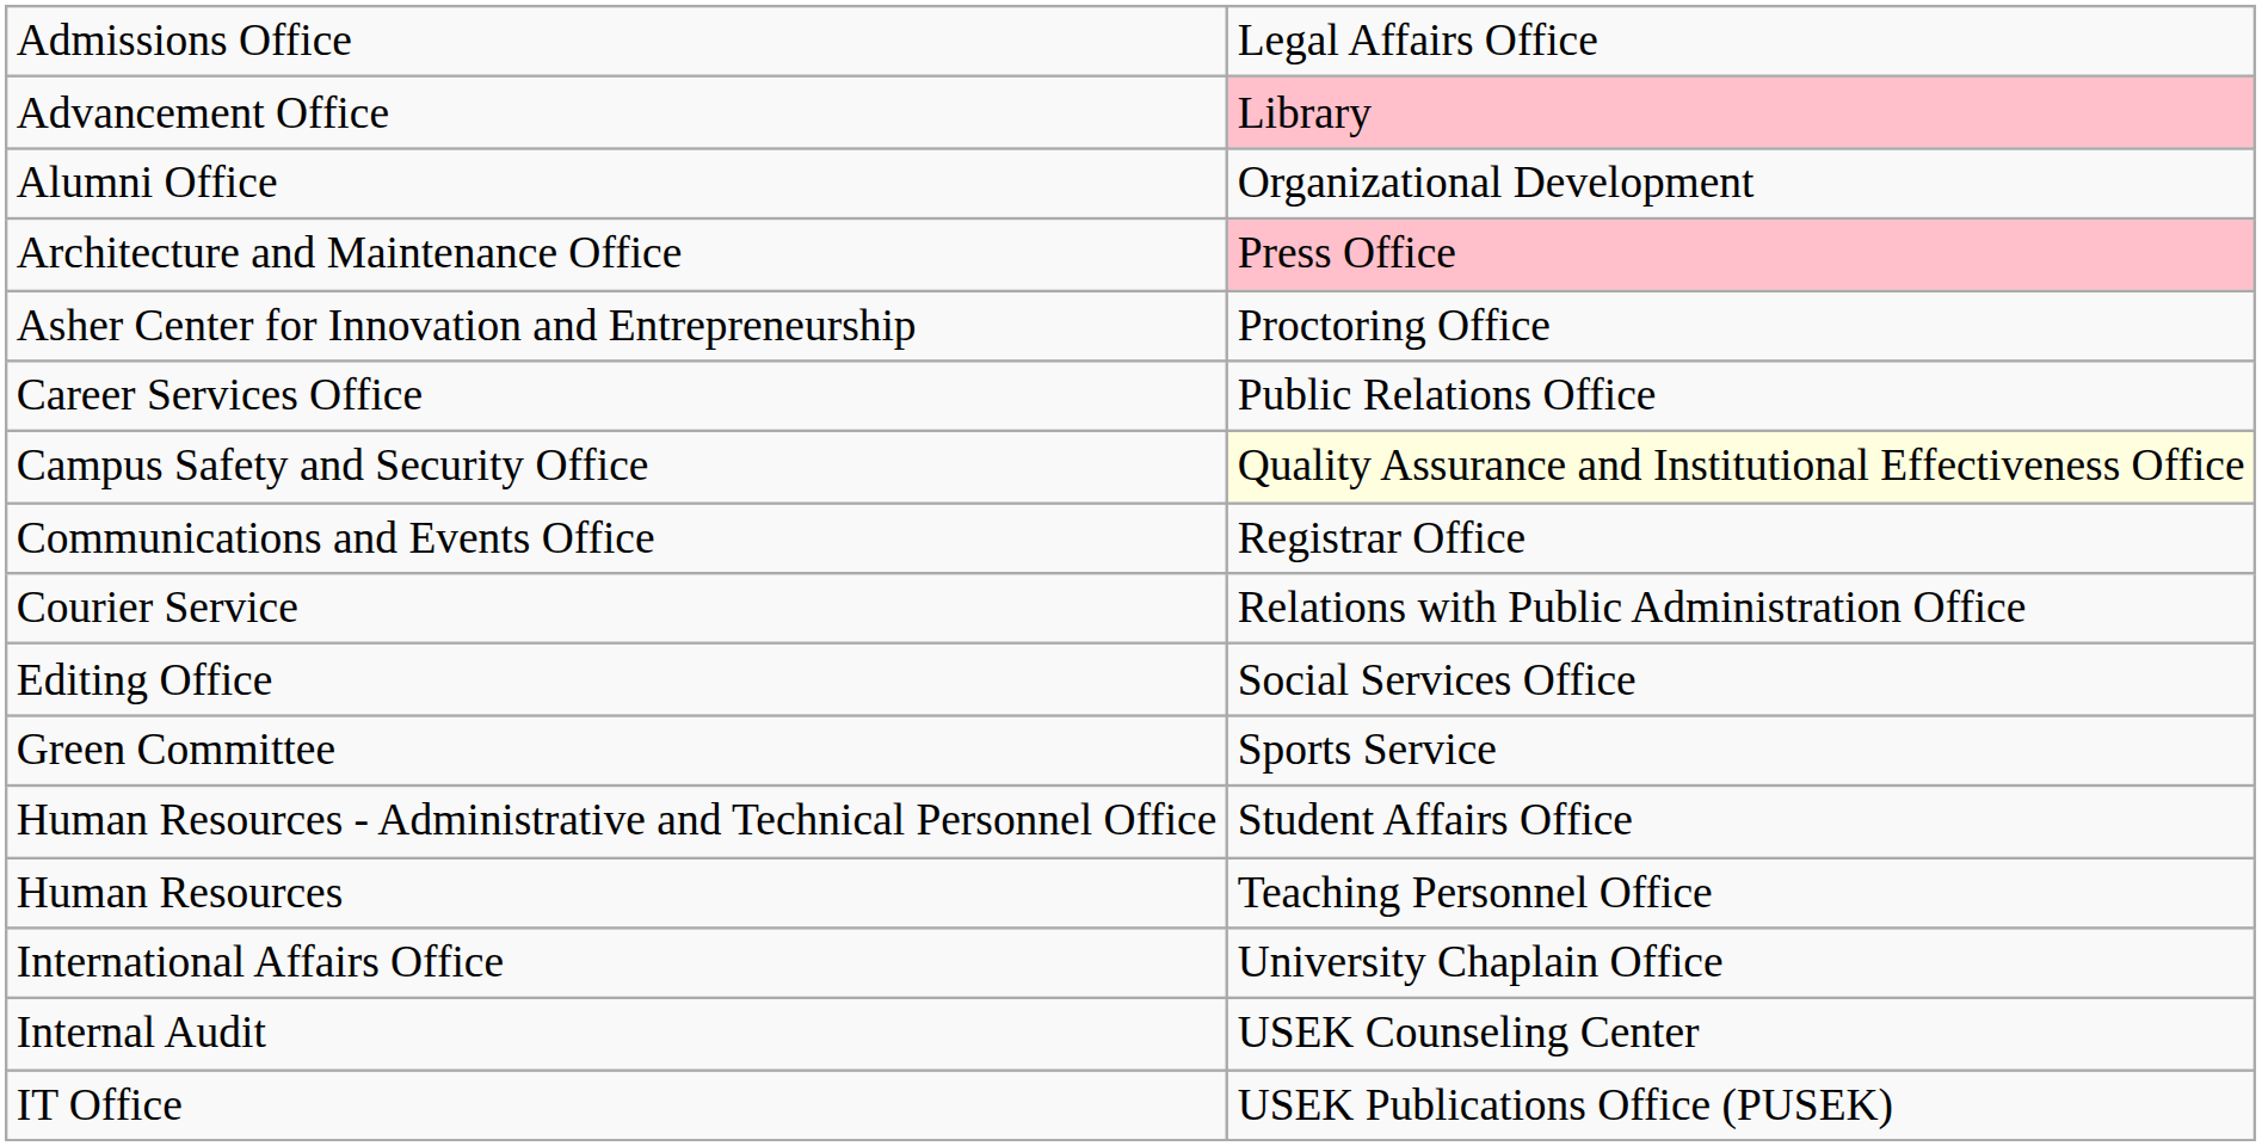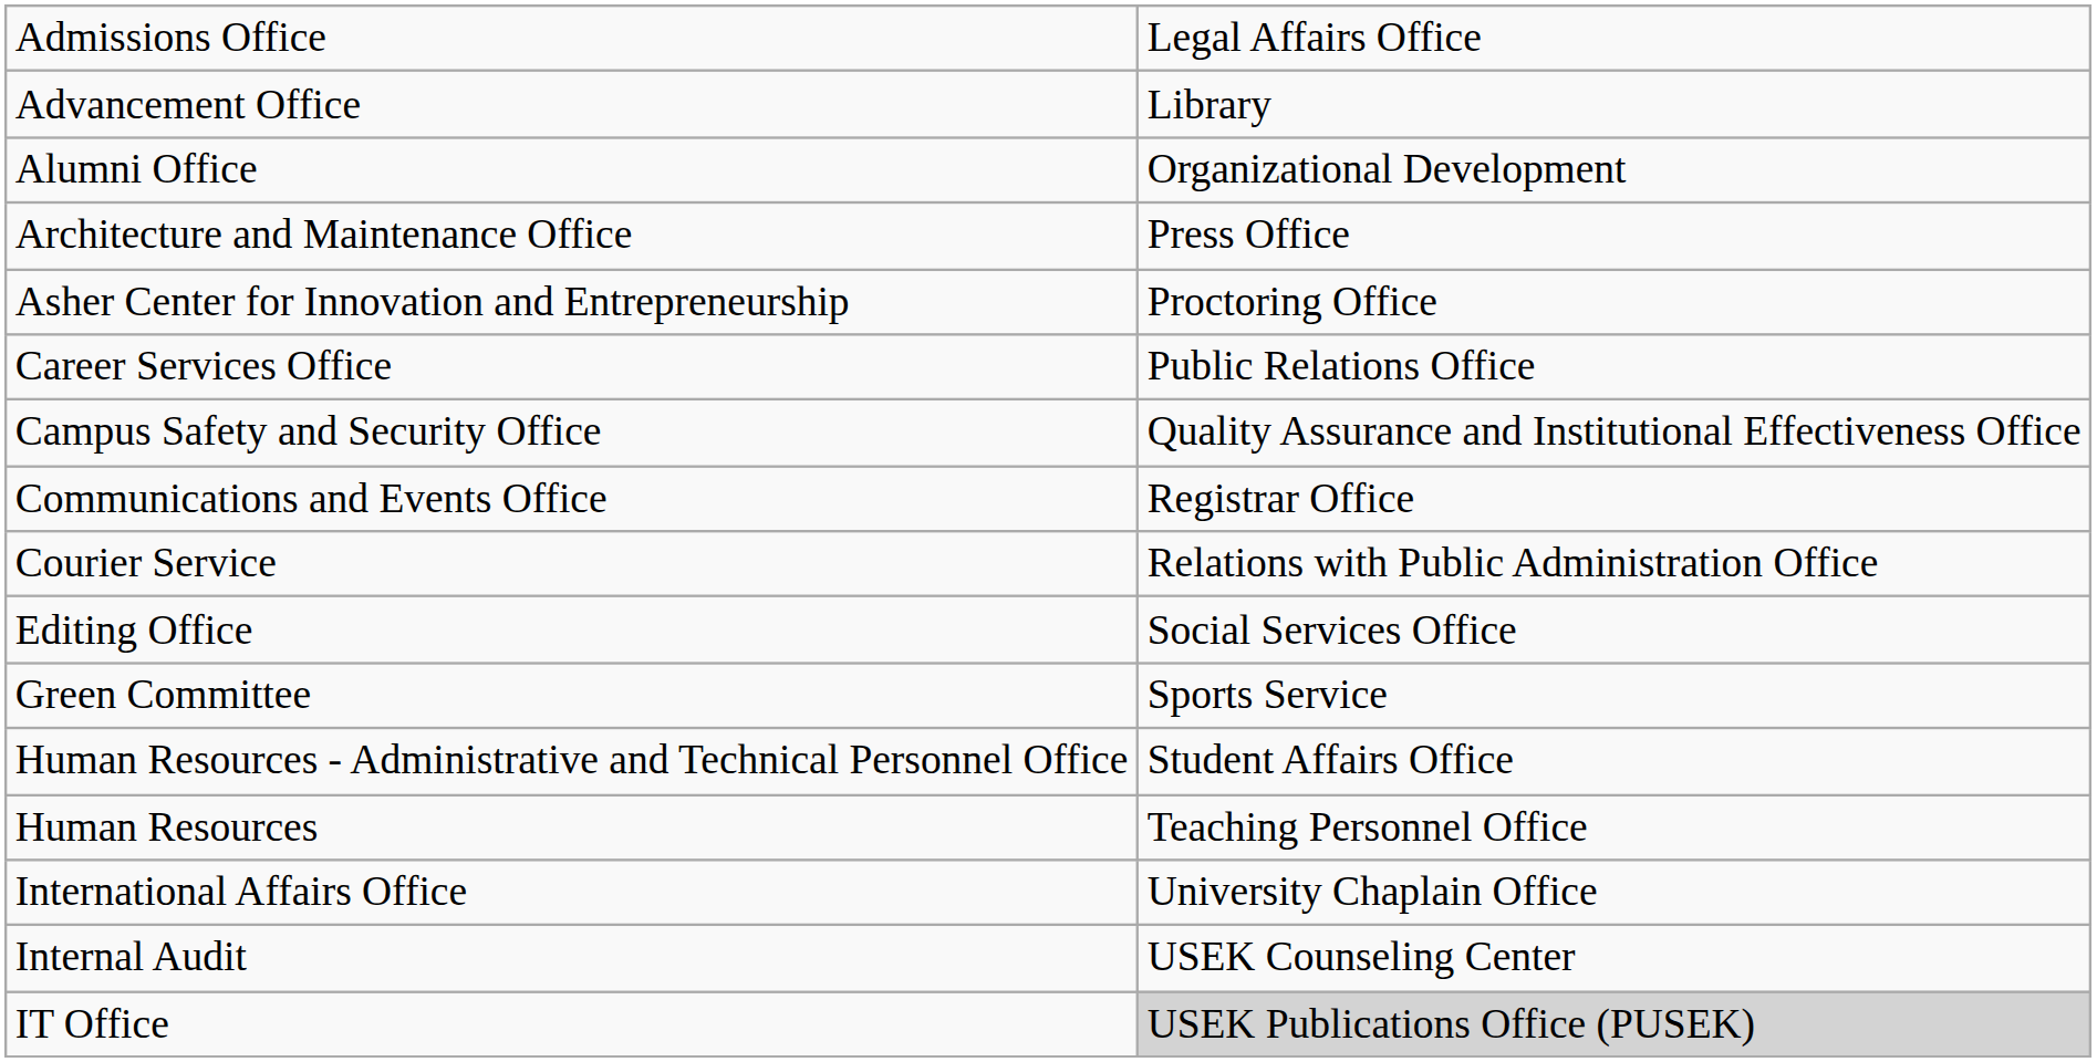 <table class="wikitable">
 <tr>
 <td>Admissions Office</td>
 <td>Legal Affairs Office</td>
 </tr>
 <tr>
 <td>Advancement Office</td>
-<td style="background: pink;">Library</td>
+<td>Library</td>
 </tr>
 <tr>
 <td>Alumni Office</td>
 <td>Organizational Development</td>
 </tr>
 <tr>
 <td>Architecture and Maintenance Office</td>
-<td style="background: pink;">Press Office</td>
+<td>Press Office</td>
 </tr>
 <tr>
 <td>Asher Center for Innovation and Entrepreneurship</td>
 <td>Proctoring Office</td>
 </tr>
 <tr>
 <td>Career Services Office</td>
 <td>Public Relations Office</td>
 </tr>
 <tr>
 <td>Campus Safety and Security Office</td>
-<td style="background: lightyellow;">Quality Assurance and Institutional Effectiveness Office</td>
+<td>Quality Assurance and Institutional Effectiveness Office</td>
 </tr>
 <tr>
 <td>Communications and Events Office</td>
 <td>Registrar Office</td>
 </tr>
 <tr>
 <td>Courier Service</td>
 <td>Relations with Public Administration Office</td>
 </tr>
 <tr>
 <td>Editing Office</td>
 <td>Social Services Office</td>
 </tr>
 <tr>
 <td>Green Committee</td>
 <td>Sports Service</td>
 </tr>
 <tr>
 <td>Human Resources - Administrative and Technical Personnel Office</td>
 <td>Student Affairs Office</td>
 </tr>
 <tr>
 <td>Human Resources</td>
 <td>Teaching Personnel Office</td>
 </tr>
 <tr>
 <td>International Affairs Office</td>
 <td>University Chaplain Office</td>
 </tr>
 <tr>
 <td>Internal Audit</td>
 <td>USEK Counseling Center</td>
 </tr>
 <tr>
 <td>IT Office</td>
-<td>USEK Publications Office (PUSEK)</td>
+<td style="background: lightgrey;">USEK Publications Office (PUSEK)</td>
 </tr>
 </table>
